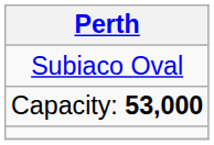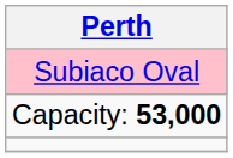 <table class="wikitable" style="text-align:center">
 <tr>
 <th><a href='#'>Perth</a></th>
 </tr>
 <tr>
-<td><a href='#'>Subiaco Oval</a></td>
+<td style="background: pink;"><a href='#'>Subiaco Oval</a></td>
 </tr>
 <tr>
 <td>Capacity: <strong>53,000</strong></td>
 </tr>
 <tr>
 <td></td>
 </tr>
 <tr>
 </tr>
 </table>
